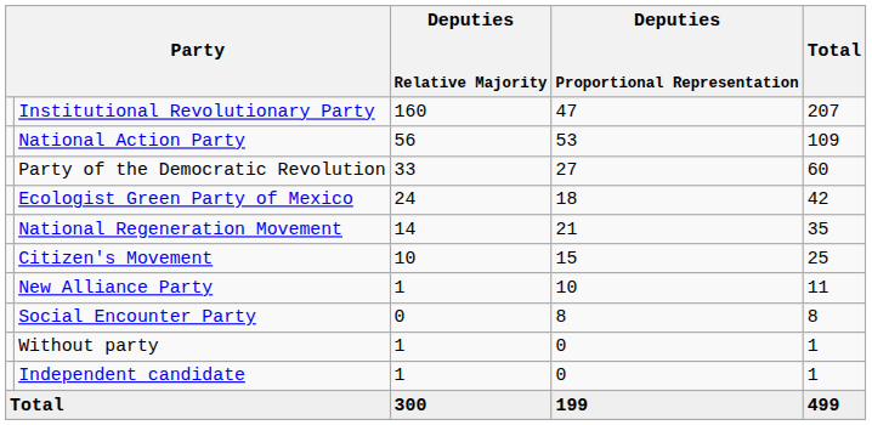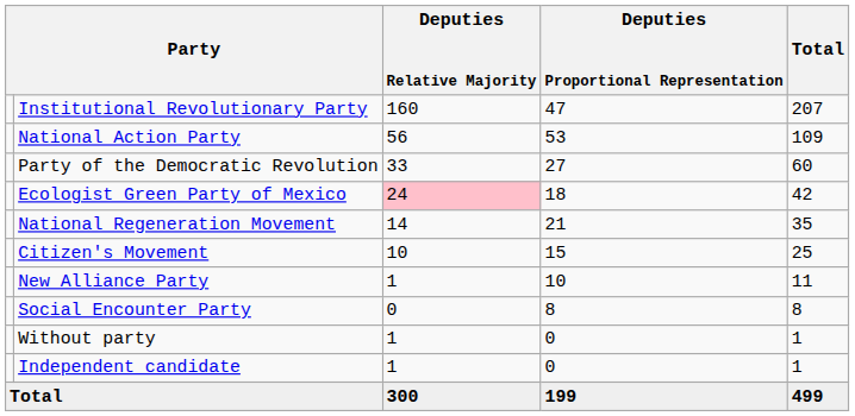 <table class="wikitable">
 <tr>
 <th colspan="2">Party</th>
 <th>Deputies<br><br><br> <small>Relative Majority</small> <br></th>
 <th>Deputies<br><br><br> <small>Proportional Representation</small><br></th>
 <th>Total</th>
 </tr>
 <tr>
 <td></td>
 <td><a href='#'>Institutional Revolutionary Party</a></td>
 <td>160</td>
 <td>47</td>
 <td>207</td>
 </tr>
 <tr>
 <td></td>
 <td><a href='#'>National Action Party</a></td>
 <td>56</td>
 <td>53</td>
 <td>109</td>
 </tr>
 <tr>
 <td></td>
 <td>Party of the Democratic Revolution</td>
 <td>33</td>
 <td>27</td>
 <td>60</td>
 </tr>
 <tr>
 <td></td>
 <td><a href='#'>Ecologist Green Party of Mexico</a></td>
-<td>24</td>
+<td style="background: pink;">24</td>
 <td>18</td>
 <td>42</td>
 </tr>
 <tr>
 <td></td>
 <td><a href='#'>National Regeneration Movement</a></td>
 <td>14</td>
 <td>21</td>
 <td>35</td>
 </tr>
 <tr>
 <td></td>
 <td><a href='#'>Citizen's Movement</a></td>
 <td>10</td>
 <td>15</td>
 <td>25</td>
 </tr>
 <tr>
 <td></td>
 <td><a href='#'>New Alliance Party</a></td>
 <td>1</td>
 <td>10</td>
 <td>11</td>
 </tr>
 <tr>
 <td></td>
 <td><a href='#'>Social Encounter Party</a></td>
 <td>0</td>
 <td>8</td>
 <td>8</td>
 </tr>
 <tr>
 <td></td>
 <td>Without party</td>
 <td>1</td>
 <td>0</td>
 <td>1</td>
 </tr>
 <tr>
 <td></td>
 <td><a href='#'>Independent candidate</a></td>
 <td>1</td>
 <td>0</td>
 <td>1</td>
 </tr>
 <tr style="background:#efefef;">
 <td colspan="2"><strong>Total</strong></td>
 <td><strong>300</strong></td>
 <td><strong>199</strong></td>
 <td><strong>499</strong></td>
 </tr>
 </table>
